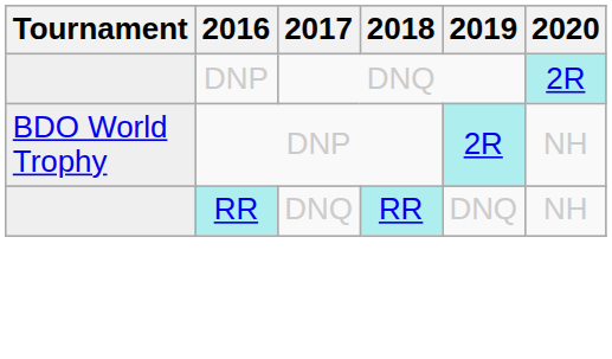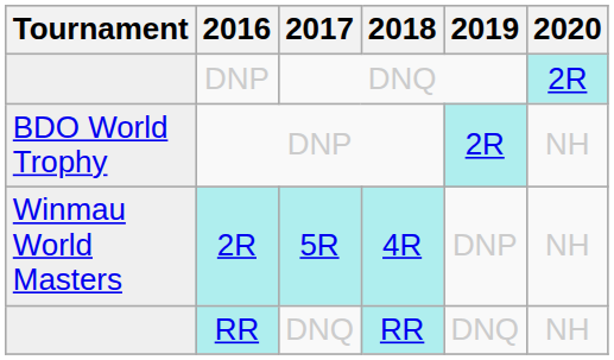 <table class="wikitable" style="width:20%; margin:0">
 <tr>
 <th>Tournament</th>
 <th>2016</th>
 <th>2017</th>
 <th>2018</th>
 <th>2019</th>
 <th>2020</th>
 </tr>
 <tr>
 <td style="background:#efefef;"></td>
 <td colspan="1" style="text-align:center; color:#ccc;">DNP</td>
 <td colspan="3" style="text-align:center; color:#ccc;">DNQ</td>
 <td style="text-align:center; background:#afeeee;"><a href='#'>2R</a></td>
 </tr>
 <tr>
 <td style="background:#efefef;"><a href='#'>BDO World Trophy</a></td>
 <td colspan="3" style="text-align:center; color:#ccc;">DNP</td>
 <td style="text-align:center; background:#afeeee;"><a href='#'>2R</a></td>
 <td style="text-align:center; color:#ccc;">NH</td>
 </tr>
 <tr>
+<td style="background:#efefef;"><a href='#'>Winmau World Masters</a></td>
+<td style="text-align:center; background:#afeeee;"><a href='#'>2R</a></td>
+<td style="text-align:center; background:#afeeee;"><a href='#'>5R</a></td>
+<td style="text-align:center; background:#afeeee;"><a href='#'>4R</a></td>
+<td style="text-align:center; color:#ccc;">DNP</td>
+<td style="text-align:center; color:#ccc;">NH</td>
+</tr>
+<tr>
 <td style="background:#efefef;"></td>
 <td style="text-align:center; background:#afeeee;"><a href='#'>RR</a></td>
 <td colspan="1" style="text-align:center; color:#ccc;">DNQ</td>
 <td style="text-align:center; background:#afeeee;"><a href='#'>RR</a></td>
 <td colspan="1" style="text-align:center; color:#ccc;">DNQ</td>
 <td colspan="1" style="text-align:center; color:#ccc;">NH</td>
 </tr>
 </table>
